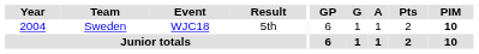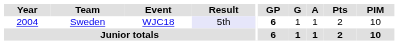 <table border=0 cellpadding=1 cellspacing=0 ID="Table3" style="text-align:center; width:40em">
 <tr align=center bgcolor="#e0e0e0">
 <th>Year</th>
 <th>Team</th>
 <th>Event</th>
 <th>Result</th>
 <th rowspan="99" bgcolor="#ffffff"></th>
 <th>GP</th>
 <th>G</th>
 <th>A</th>
 <th>Pts</th>
 <th>PIM</th>
 </tr>
 <tr>
 <td><a href='#'>2004</a></td>
 <td><a href='#'>Sweden</a></td>
 <td><a href='#'>WJC18</a></td>
-<td>5th</td>
-<td>6</td>
+<td style="background: lavender;">5th</td>
+<td><strong>6</strong></td>
 <td>1</td>
 <td>1</td>
 <td>2</td>
-<td><strong>10</strong></td>
+<td>10</td>
 </tr>
 <tr bgcolor="#e0e0e0">
 <th colspan=4>Junior totals</th>
 <th>6</th>
 <th>1</th>
 <th>1</th>
 <th>2</th>
 <th>10</th>
 </tr>
 </table>
